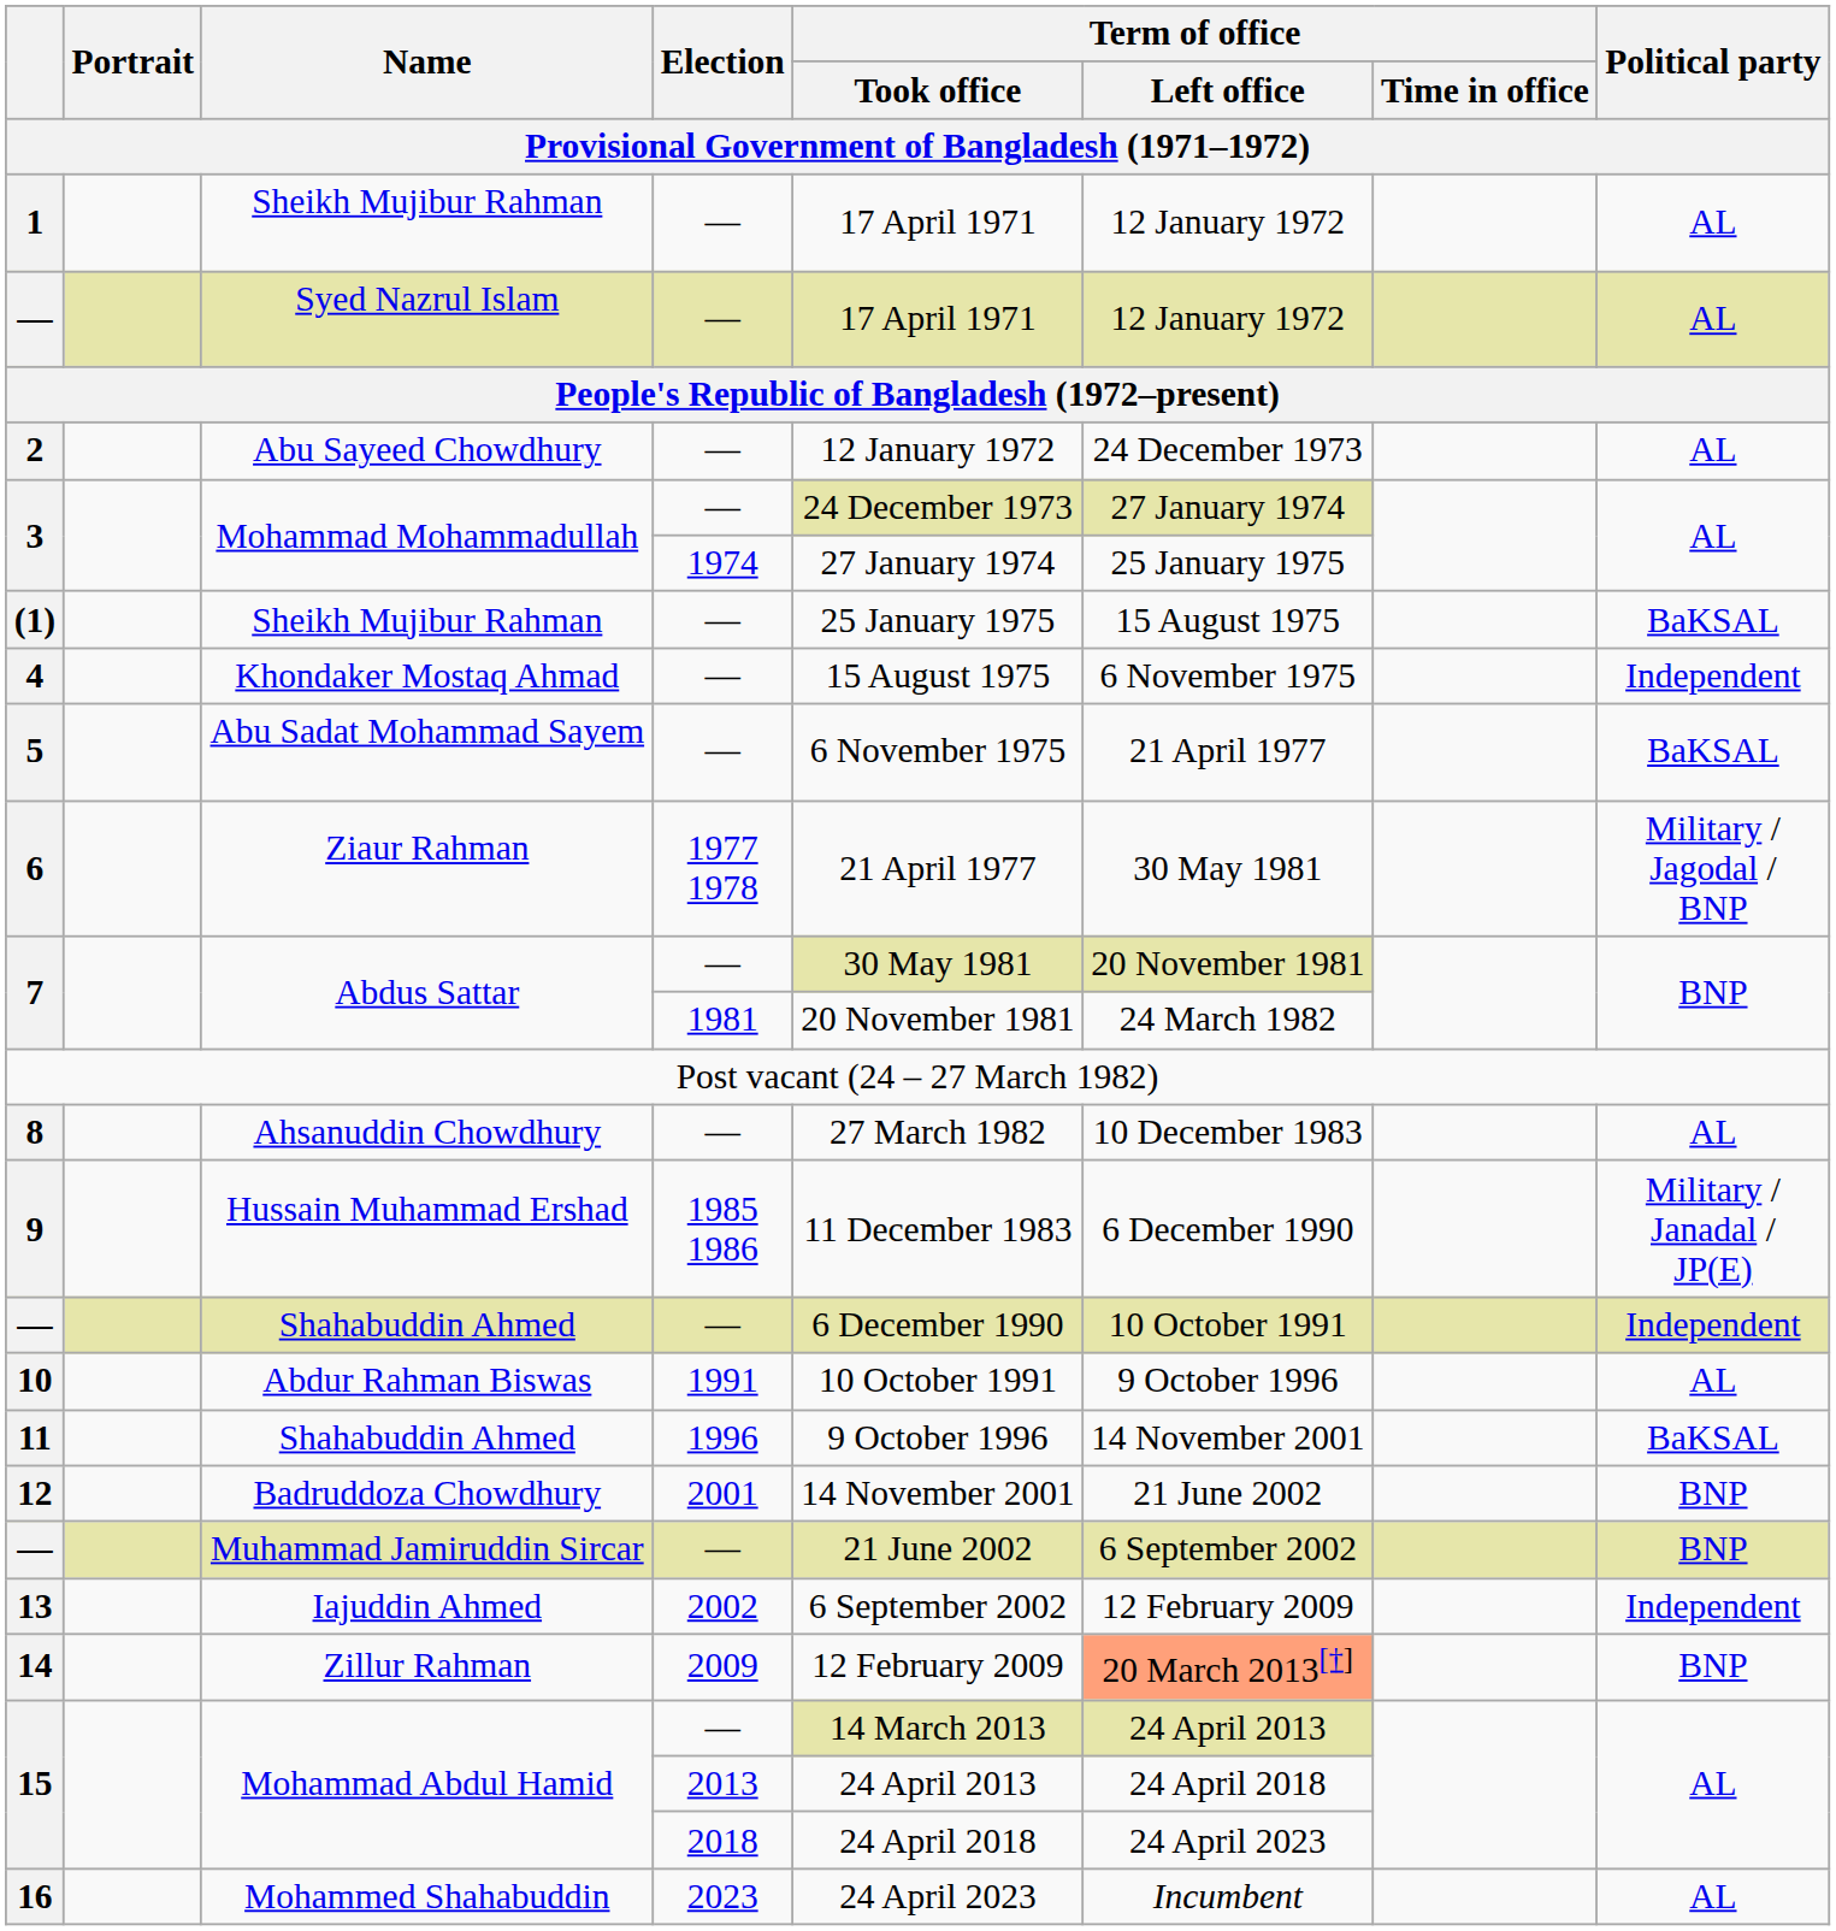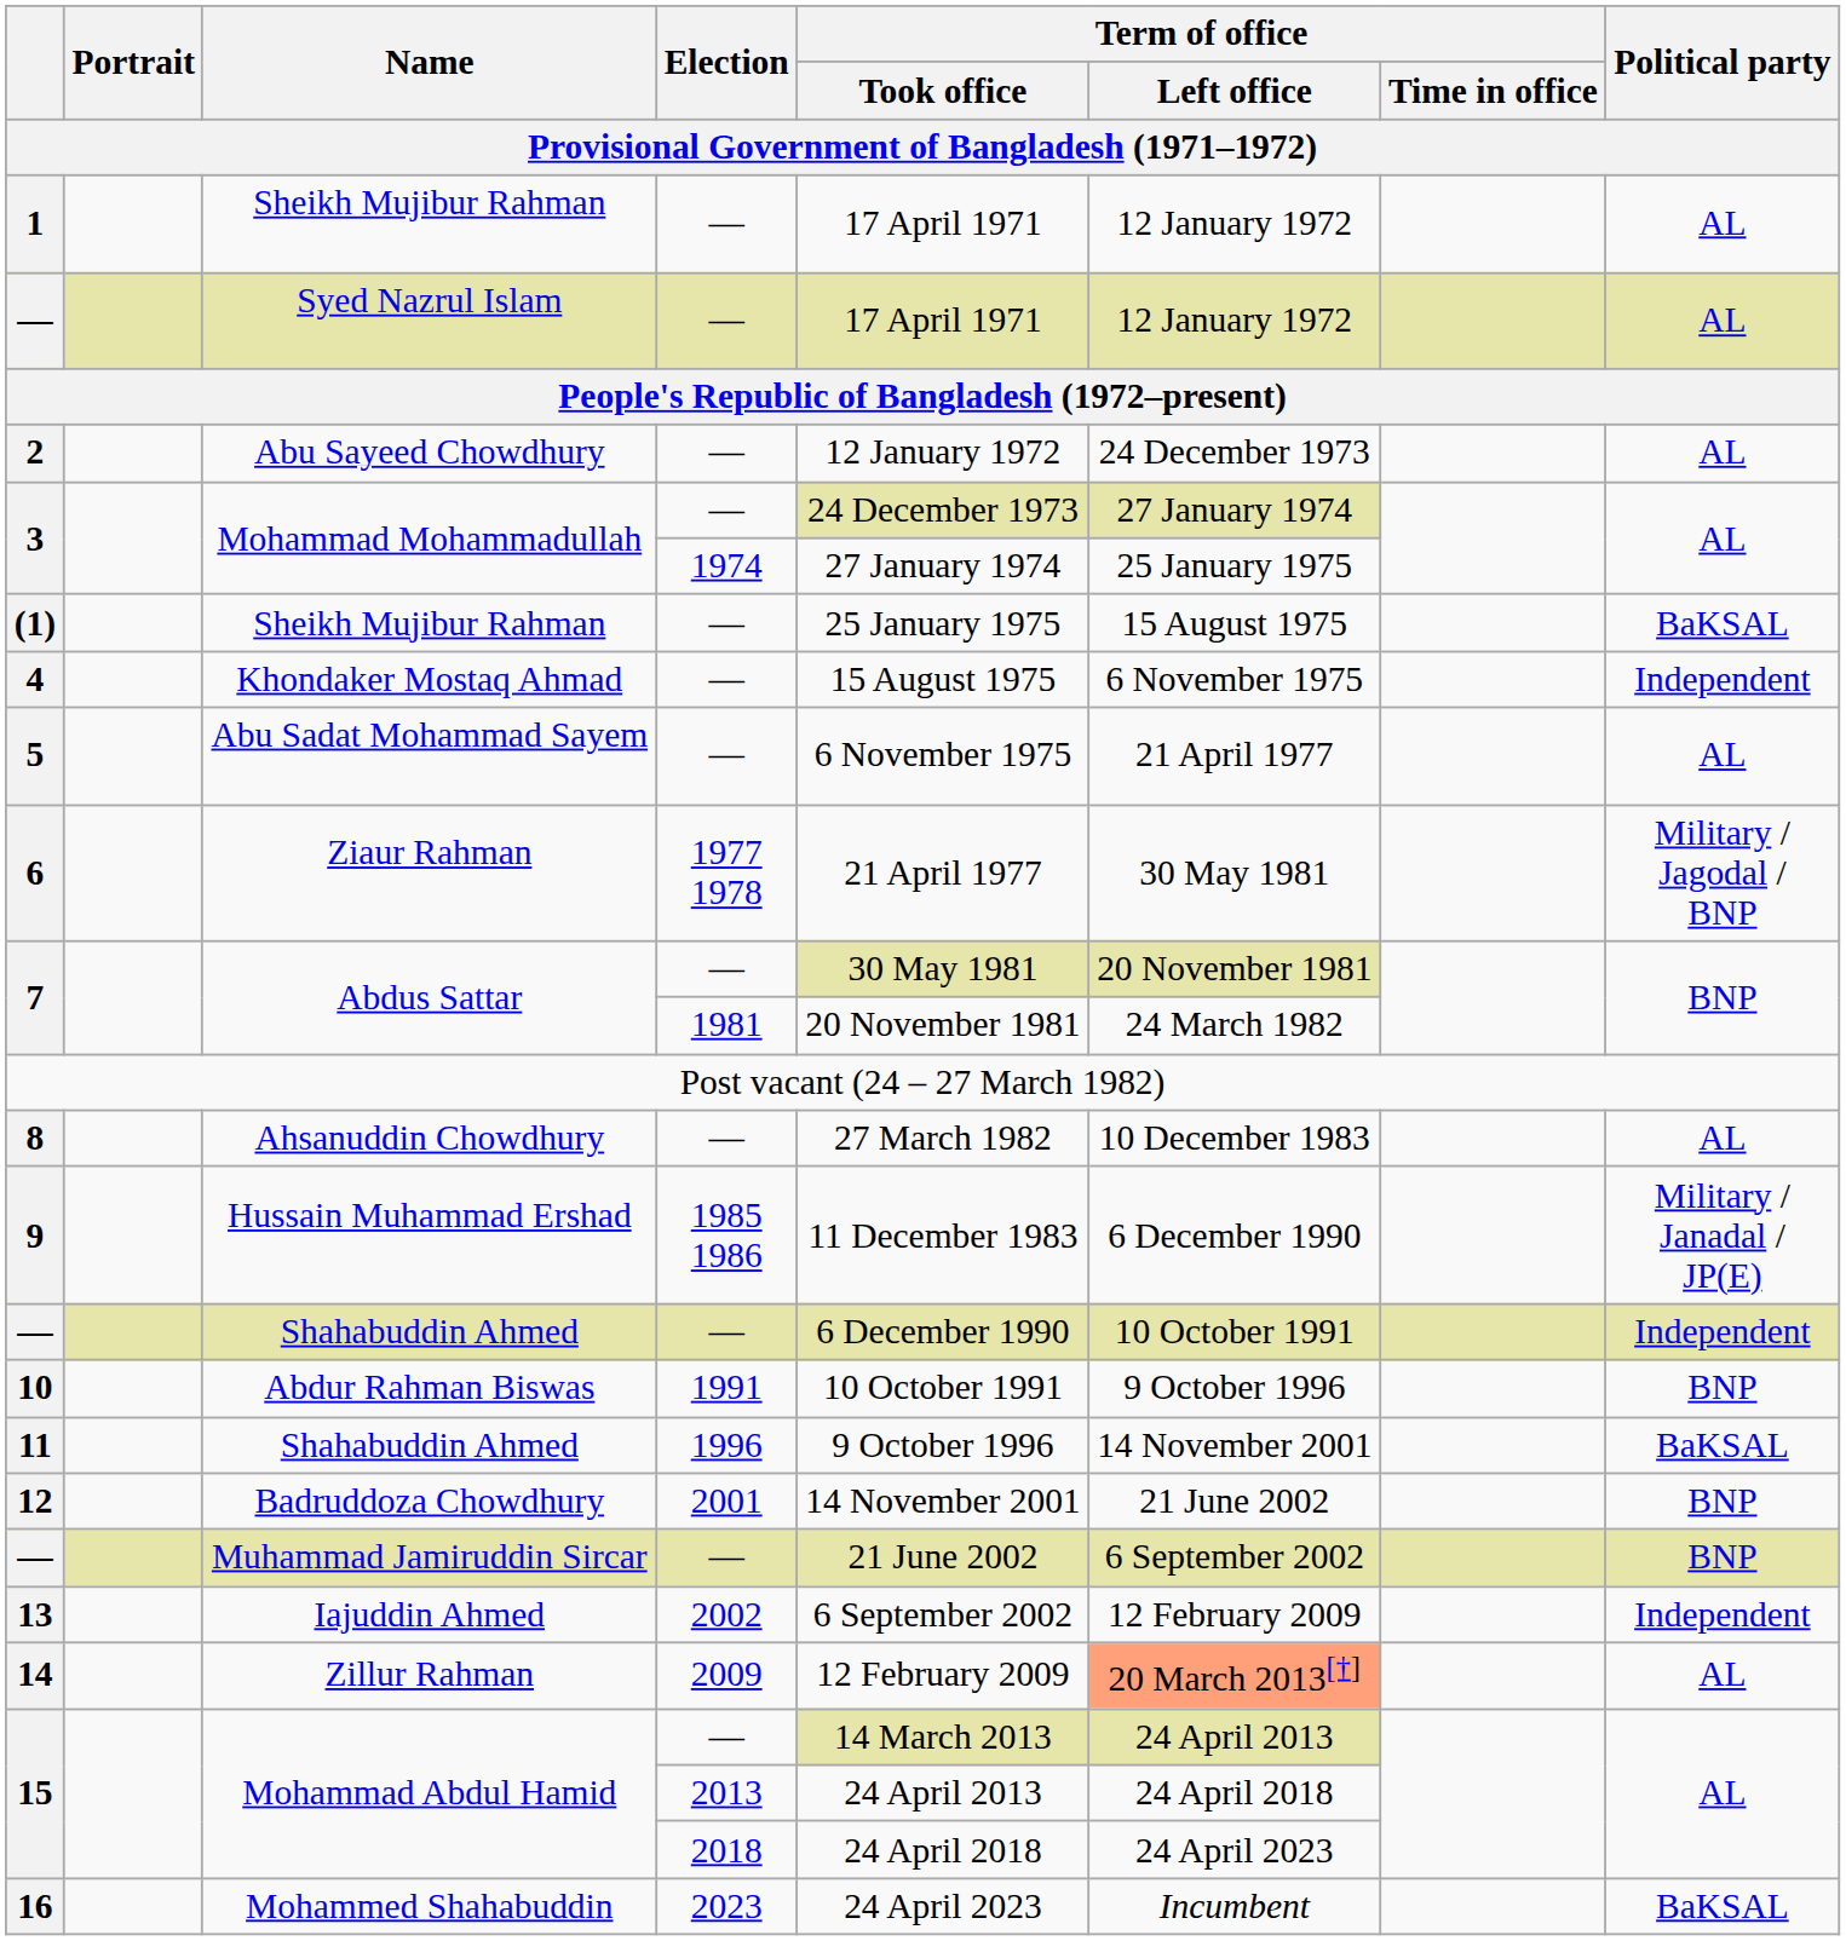 <table class="wikitable" style="text-align:center">
 <tr>
 <th rowspan="2"></th>
 <th rowspan="2">Portrait</th>
 <th rowspan="2">Name<br></th>
 <th rowspan="2">Election</th>
 <th colspan="3">Term of office</th>
 <th rowspan="2">Political party<br></th>
 </tr>
 <tr>
 <th>Took office</th>
 <th>Left office</th>
 <th>Time in office</th>
 </tr>
 <tr>
 <th colspan="8"><a href='#'>Provisional Government of Bangladesh</a> (1971–1972)</th>
 </tr>
 <tr>
 <th style="background:">1</th>
 <td></td>
 <td><a href='#'>Sheikh Mujibur Rahman</a><br><br></td>
 <td>—</td>
 <td>17 April 1971</td>
 <td>12 January 1972</td>
 <td></td>
 <td><a href='#'>AL</a></td>
 </tr>
 <tr style="background:#e6e6aa;">
 <th style="background:">—</th>
 <td></td>
 <td><a href='#'>Syed Nazrul Islam</a><br><br></td>
 <td>—</td>
 <td>17 April 1971</td>
 <td>12 January 1972</td>
 <td></td>
 <td><a href='#'>AL</a></td>
 </tr>
 <tr>
 <th colspan="8"><a href='#'>People's Republic of Bangladesh</a> (1972–present)</th>
 </tr>
 <tr>
 <th style="background:">2</th>
 <td></td>
 <td><a href='#'>Abu Sayeed Chowdhury</a><br></td>
 <td>—</td>
 <td>12 January 1972</td>
 <td>24 December 1973</td>
 <td></td>
 <td><a href='#'>AL</a></td>
 </tr>
 <tr>
 <th rowspan="2" style="background:">3</th>
 <td rowspan="2"></td>
 <td rowspan="2"><a href='#'>Mohammad Mohammadullah</a><br></td>
 <td>—</td>
 <td style="background:#e6e6aa;">24 December 1973</td>
 <td style="background:#e6e6aa;">27 January 1974</td>
 <td rowspan="2"></td>
 <td rowspan="2"><a href='#'>AL</a></td>
 </tr>
 <tr>
 <td><a href='#'>1974</a></td>
 <td>27 January 1974</td>
 <td>25 January 1975</td>
 </tr>
 <tr>
 <th style="background:">(1)</th>
 <td></td>
 <td><a href='#'>Sheikh Mujibur Rahman</a><br></td>
 <td>—</td>
 <td>25 January 1975</td>
 <td>15 August 1975<br></td>
 <td></td>
 <td><a href='#'>BaKSAL</a></td>
 </tr>
 <tr>
 <th style="background:">4</th>
 <td></td>
 <td><a href='#'>Khondaker Mostaq Ahmad</a><br></td>
 <td>—</td>
 <td>15 August 1975</td>
 <td>6 November 1975<br></td>
 <td></td>
 <td><a href='#'>Independent</a></td>
 </tr>
 <tr>
 <th style="background:">5</th>
 <td></td>
 <td><a href='#'>Abu Sadat Mohammad Sayem</a><br><br></td>
 <td>—</td>
 <td>6 November 1975</td>
 <td>21 April 1977</td>
 <td></td>
-<td><a href='#'>BaKSAL</a></td>
+<td><a href='#'>AL</a></td>
 </tr>
 <tr>
 <th style="background:">6</th>
 <td></td>
 <td><a href='#'>Ziaur Rahman</a><br><br></td>
 <td><a href='#'>1977</a><br><a href='#'>1978</a></td>
 <td>21 April 1977</td>
 <td>30 May 1981<br></td>
 <td></td>
 <td><a href='#'>Military</a> / <br> <a href='#'>Jagodal</a> / <br> <a href='#'>BNP</a></td>
 </tr>
 <tr>
 <th rowspan="2" style="background:">7</th>
 <td rowspan="2"></td>
 <td rowspan="2"><a href='#'>Abdus Sattar</a><br></td>
 <td>—</td>
 <td style="background:#e6e6aa;">30 May 1981</td>
 <td style="background:#e6e6aa;">20 November 1981</td>
 <td rowspan="2"></td>
 <td rowspan="2"><a href='#'>BNP</a></td>
 </tr>
 <tr>
 <td><a href='#'>1981</a></td>
 <td>20 November 1981</td>
 <td>24 March 1982<br></td>
 </tr>
 <tr>
 <td colspan="8">Post vacant (24 – 27 March 1982)</td>
 </tr>
 <tr>
 <th style="background:">8</th>
 <td></td>
 <td><a href='#'>Ahsanuddin Chowdhury</a><br></td>
 <td>—</td>
 <td>27 March 1982</td>
 <td>10 December 1983</td>
 <td></td>
 <td><a href='#'>AL</a></td>
 </tr>
 <tr>
 <th style="background:">9</th>
 <td></td>
 <td><a href='#'>Hussain Muhammad Ershad</a><br><br></td>
 <td><a href='#'>1985</a><br><a href='#'>1986</a></td>
 <td>11 December 1983</td>
 <td>6 December 1990</td>
 <td></td>
 <td><a href='#'>Military</a> / <br> <a href='#'>Janadal</a> / <br> <a href='#'>JP(E)</a></td>
 </tr>
 <tr style="background:#e6e6aa;">
 <th style="background:">—</th>
 <td></td>
 <td><a href='#'>Shahabuddin Ahmed</a><br></td>
 <td>—</td>
 <td>6 December 1990</td>
 <td>10 October 1991</td>
 <td></td>
 <td><a href='#'>Independent</a></td>
 </tr>
 <tr>
 <th style="background:">10</th>
 <td></td>
 <td><a href='#'>Abdur Rahman Biswas</a><br></td>
 <td><a href='#'>1991</a></td>
 <td>10 October 1991</td>
 <td>9 October 1996</td>
 <td></td>
-<td><a href='#'>AL</a></td>
+<td><a href='#'>BNP</a></td>
 </tr>
 <tr>
 <th style="background:">11</th>
 <td></td>
 <td><a href='#'>Shahabuddin Ahmed</a><br></td>
 <td><a href='#'>1996</a></td>
 <td>9 October 1996</td>
 <td>14 November 2001</td>
 <td></td>
 <td><a href='#'>BaKSAL</a></td>
 </tr>
 <tr>
 <th style="background:">12</th>
 <td></td>
 <td><a href='#'>Badruddoza Chowdhury</a><br></td>
 <td><a href='#'>2001</a></td>
 <td>14 November 2001</td>
 <td>21 June 2002</td>
 <td></td>
 <td><a href='#'>BNP</a></td>
 </tr>
 <tr style="background:#e6e6aa;">
 <th style="background:">—</th>
 <td></td>
 <td><a href='#'>Muhammad Jamiruddin Sircar</a><br></td>
 <td>—</td>
 <td>21 June 2002</td>
 <td>6 September 2002</td>
 <td></td>
 <td><a href='#'>BNP</a></td>
 </tr>
 <tr>
 <th style="background:">13</th>
 <td></td>
 <td><a href='#'>Iajuddin Ahmed</a><br></td>
 <td><a href='#'>2002</a></td>
 <td>6 September 2002</td>
 <td>12 February 2009</td>
 <td></td>
 <td><a href='#'>Independent</a></td>
 </tr>
 <tr>
 <th style="background:">14</th>
 <td></td>
 <td><a href='#'>Zillur Rahman</a><br></td>
 <td><a href='#'>2009</a></td>
 <td>12 February 2009</td>
 <td style="background: lightsalmon;">20 March 2013<sup><a href='#'>[†</a>]</sup></td>
 <td></td>
-<td><a href='#'>BNP</a></td>
+<td><a href='#'>AL</a></td>
 </tr>
 <tr>
 <th rowspan="3" style="background:">15</th>
 <td rowspan="3"></td>
 <td rowspan="3"><a href='#'>Mohammad Abdul Hamid</a><br></td>
 <td>—</td>
 <td style="background:#e6e6aa;">14 March 2013</td>
 <td style="background:#e6e6aa;">24 April 2013</td>
 <td rowspan="3"></td>
 <td rowspan="3"><a href='#'>AL</a></td>
 </tr>
 <tr>
 <td><a href='#'>2013</a></td>
 <td>24 April 2013</td>
 <td>24 April 2018</td>
 </tr>
 <tr>
 <td><a href='#'>2018</a></td>
 <td>24 April 2018</td>
 <td>24 April 2023</td>
 </tr>
 <tr>
 <th style="background:">16</th>
 <td></td>
 <td><a href='#'>Mohammed Shahabuddin</a><br></td>
 <td><a href='#'>2023</a></td>
 <td>24 April 2023</td>
 <td><em>Incumbent</em></td>
 <td></td>
-<td><a href='#'>AL</a></td>
+<td><a href='#'>BaKSAL</a></td>
 </tr>
 </table>
